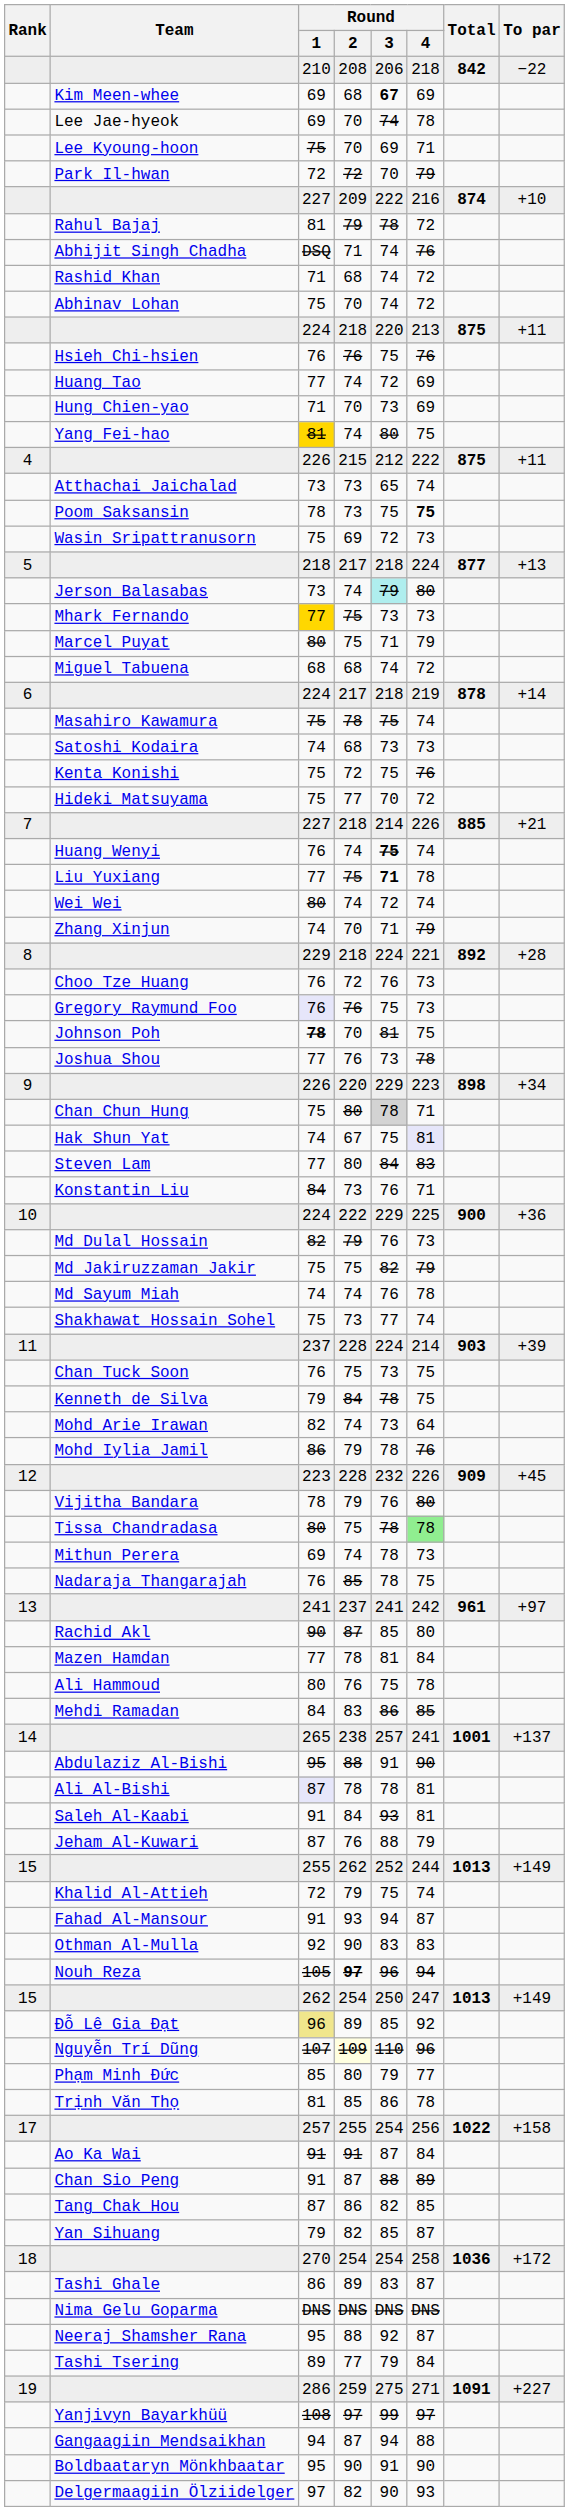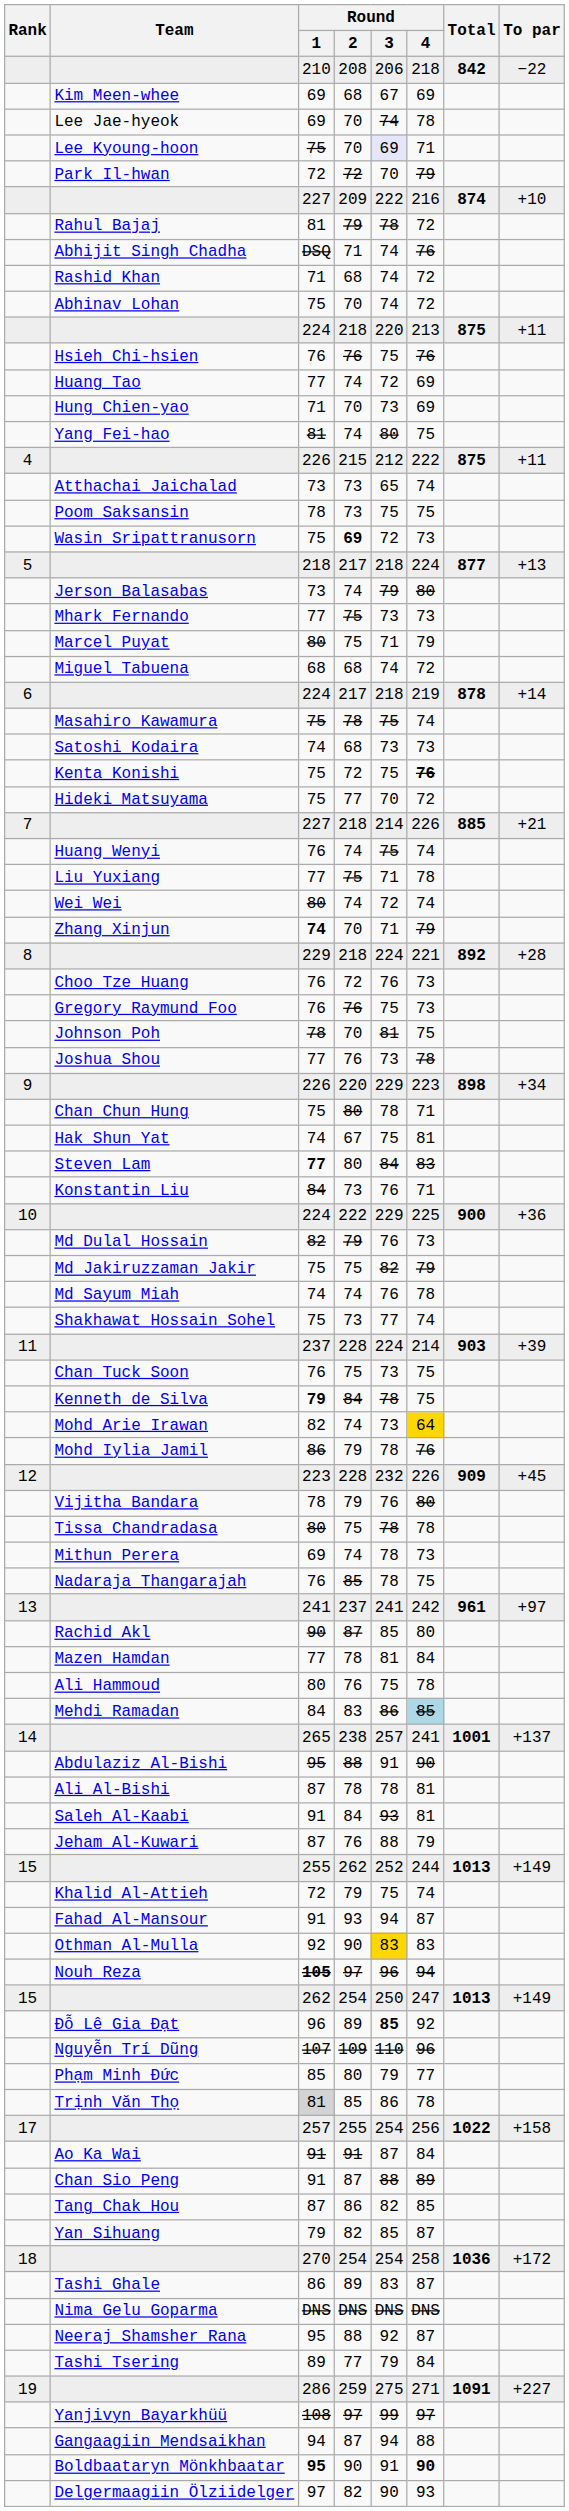 <table class=wikitable style="text-align:center">
 <tr>
 <th rowspan="2">Rank</th>
 <th rowspan="2">Team</th>
 <th colspan="4">Round</th>
 <th rowspan="2">Total</th>
 <th rowspan="2">To par</th>
 </tr>
 <tr>
 <th>1</th>
 <th>2</th>
 <th>3</th>
 <th>4</th>
 </tr>
 <tr style="background:#eeeeee;">
 <td></td>
 <td align=left></td>
 <td>210</td>
 <td>208</td>
 <td>206</td>
 <td>218</td>
 <td><strong>842</strong></td>
 <td>−22</td>
 </tr>
 <tr>
 <td></td>
 <td align=left><a href='#'>Kim Meen-whee</a></td>
 <td>69</td>
 <td>68</td>
-<td><strong>67</strong></td>
+<td>67</td>
 <td>69</td>
 <td></td>
 <td></td>
 </tr>
 <tr>
 <td></td>
 <td align=left>Lee Jae-hyeok</td>
 <td>69</td>
 <td>70</td>
 <td><s>74</s></td>
 <td>78</td>
 <td></td>
 <td></td>
 </tr>
 <tr>
 <td></td>
 <td align=left><a href='#'>Lee Kyoung-hoon</a></td>
 <td><s>75</s></td>
 <td>70</td>
-<td>69</td>
+<td style="background: lavender;">69</td>
 <td>71</td>
 <td></td>
 <td></td>
 </tr>
 <tr>
 <td></td>
 <td align=left><a href='#'>Park Il-hwan</a></td>
 <td>72</td>
 <td><s>72</s></td>
 <td>70</td>
 <td><s>79</s></td>
 <td></td>
 <td></td>
 </tr>
 <tr style="background:#eeeeee;">
 <td></td>
 <td align=left></td>
 <td>227</td>
 <td>209</td>
 <td>222</td>
 <td>216</td>
 <td><strong>874</strong></td>
 <td>+10</td>
 </tr>
 <tr>
 <td></td>
 <td align=left><a href='#'>Rahul Bajaj</a></td>
 <td>81</td>
 <td><s>79</s></td>
 <td><s>78</s></td>
 <td>72</td>
 <td></td>
 <td></td>
 </tr>
 <tr>
 <td></td>
 <td align=left><a href='#'>Abhijit Singh Chadha</a></td>
 <td><s>DSQ</s></td>
 <td>71</td>
 <td>74</td>
 <td><s>76</s></td>
 <td></td>
 <td></td>
 </tr>
 <tr>
 <td></td>
 <td align=left><a href='#'>Rashid Khan</a></td>
 <td>71</td>
 <td>68</td>
 <td>74</td>
 <td>72</td>
 <td></td>
 <td></td>
 </tr>
 <tr>
 <td></td>
 <td align=left><a href='#'>Abhinav Lohan</a></td>
 <td>75</td>
 <td>70</td>
 <td>74</td>
 <td>72</td>
 <td></td>
 <td></td>
 </tr>
 <tr style="background:#eeeeee;">
 <td></td>
 <td align=left></td>
 <td>224</td>
 <td>218</td>
 <td>220</td>
 <td>213</td>
 <td><strong>875</strong></td>
 <td>+11</td>
 </tr>
 <tr>
 <td></td>
 <td align=left><a href='#'>Hsieh Chi-hsien</a></td>
 <td>76</td>
 <td><s>76</s></td>
 <td>75</td>
 <td><s>76</s></td>
 <td></td>
 <td></td>
 </tr>
 <tr>
 <td></td>
 <td align=left><a href='#'>Huang Tao</a></td>
 <td>77</td>
 <td>74</td>
 <td>72</td>
 <td>69</td>
 <td></td>
 <td></td>
 </tr>
 <tr>
 <td></td>
 <td align=left><a href='#'>Hung Chien-yao</a></td>
 <td>71</td>
 <td>70</td>
 <td>73</td>
 <td>69</td>
 <td></td>
 <td></td>
 </tr>
 <tr>
 <td></td>
 <td align=left><a href='#'>Yang Fei-hao</a></td>
-<td style="background: gold;"><s>81</s></td>
+<td><s>81</s></td>
 <td>74</td>
 <td><s>80</s></td>
 <td>75</td>
 <td></td>
 <td></td>
 </tr>
 <tr style="background:#eeeeee;">
 <td>4</td>
 <td align=left></td>
 <td>226</td>
 <td>215</td>
 <td>212</td>
 <td>222</td>
 <td><strong>875</strong></td>
 <td>+11</td>
 </tr>
 <tr>
 <td></td>
 <td align=left><a href='#'>Atthachai Jaichalad</a></td>
 <td>73</td>
 <td>73</td>
 <td>65</td>
 <td>74</td>
 <td></td>
 <td></td>
 </tr>
 <tr>
 <td></td>
 <td align=left><a href='#'>Poom Saksansin</a></td>
 <td>78</td>
 <td>73</td>
 <td>75</td>
-<td><strong>75</strong></td>
+<td>75</td>
 <td></td>
 <td></td>
 </tr>
 <tr>
 <td></td>
 <td align=left><a href='#'>Wasin Sripattranusorn</a></td>
 <td>75</td>
-<td>69</td>
+<td><strong>69</strong></td>
 <td>72</td>
 <td>73</td>
 <td></td>
 <td></td>
 </tr>
 <tr style="background:#eeeeee;">
 <td>5</td>
 <td align=left></td>
 <td>218</td>
 <td>217</td>
 <td>218</td>
 <td>224</td>
 <td><strong>877</strong></td>
 <td>+13</td>
 </tr>
 <tr>
 <td></td>
 <td align=left><a href='#'>Jerson Balasabas</a></td>
 <td>73</td>
 <td>74</td>
-<td style="background: paleturquoise;"><s>79</s></td>
+<td><s>79</s></td>
 <td><s>80</s></td>
 <td></td>
 <td></td>
 </tr>
 <tr>
 <td></td>
 <td align=left><a href='#'>Mhark Fernando</a></td>
-<td style="background: gold;">77</td>
+<td>77</td>
 <td><s>75</s></td>
 <td>73</td>
 <td>73</td>
 <td></td>
 <td></td>
 </tr>
 <tr>
 <td></td>
 <td align=left><a href='#'>Marcel Puyat</a></td>
 <td><s>80</s></td>
 <td>75</td>
 <td>71</td>
 <td>79</td>
 <td></td>
 <td></td>
 </tr>
 <tr>
 <td></td>
 <td align=left><a href='#'>Miguel Tabuena</a></td>
 <td>68</td>
 <td>68</td>
 <td>74</td>
 <td>72</td>
 <td></td>
 <td></td>
 </tr>
 <tr style="background:#eeeeee;">
 <td>6</td>
 <td align=left></td>
 <td>224</td>
 <td>217</td>
 <td>218</td>
 <td>219</td>
 <td><strong>878</strong></td>
 <td>+14</td>
 </tr>
 <tr>
 <td></td>
 <td align=left><a href='#'>Masahiro Kawamura</a></td>
 <td><s>75</s></td>
 <td><s>78</s></td>
 <td><s>75</s></td>
 <td>74</td>
 <td></td>
 <td></td>
 </tr>
 <tr>
 <td></td>
 <td align=left><a href='#'>Satoshi Kodaira</a></td>
 <td>74</td>
 <td>68</td>
 <td>73</td>
 <td>73</td>
 <td></td>
 <td></td>
 </tr>
 <tr>
 <td></td>
 <td align=left><a href='#'>Kenta Konishi</a></td>
 <td>75</td>
 <td>72</td>
 <td>75</td>
-<td><s>76</s></td>
+<td><strong><s>76</s></strong></td>
 <td></td>
 <td></td>
 </tr>
 <tr>
 <td></td>
 <td align=left><a href='#'>Hideki Matsuyama</a></td>
 <td>75</td>
 <td>77</td>
 <td>70</td>
 <td>72</td>
 <td></td>
 <td></td>
 </tr>
 <tr style="background:#eeeeee;">
 <td>7</td>
 <td align=left></td>
 <td>227</td>
 <td>218</td>
 <td>214</td>
 <td>226</td>
 <td><strong>885</strong></td>
 <td>+21</td>
 </tr>
 <tr>
 <td></td>
 <td align=left><a href='#'>Huang Wenyi</a></td>
 <td>76</td>
 <td>74</td>
-<td><strong><s>75</s></strong></td>
+<td><s>75</s></td>
 <td>74</td>
 <td></td>
 <td></td>
 </tr>
 <tr>
 <td></td>
 <td align=left><a href='#'>Liu Yuxiang</a></td>
 <td>77</td>
 <td><s>75</s></td>
-<td><strong>71</strong></td>
+<td>71</td>
 <td>78</td>
 <td></td>
 <td></td>
 </tr>
 <tr>
 <td></td>
 <td align=left><a href='#'>Wei Wei</a></td>
 <td><s>80</s></td>
 <td>74</td>
 <td>72</td>
 <td>74</td>
 <td></td>
 <td></td>
 </tr>
 <tr>
 <td></td>
 <td align=left><a href='#'>Zhang Xinjun</a></td>
-<td>74</td>
+<td><strong>74</strong></td>
 <td>70</td>
 <td>71</td>
 <td><s>79</s></td>
 <td></td>
 <td></td>
 </tr>
 <tr style="background:#eeeeee;">
 <td>8</td>
 <td align=left></td>
 <td>229</td>
 <td>218</td>
 <td>224</td>
 <td>221</td>
 <td><strong>892</strong></td>
 <td>+28</td>
 </tr>
 <tr>
 <td></td>
 <td align=left><a href='#'>Choo Tze Huang</a></td>
 <td>76</td>
 <td>72</td>
 <td>76</td>
 <td>73</td>
 <td></td>
 <td></td>
 </tr>
 <tr>
 <td></td>
 <td align=left><a href='#'>Gregory Raymund Foo</a></td>
-<td style="background: lavender;">76</td>
+<td>76</td>
 <td><s>76</s></td>
 <td>75</td>
 <td>73</td>
 <td></td>
 <td></td>
 </tr>
 <tr>
 <td></td>
 <td align=left><a href='#'>Johnson Poh</a></td>
-<td><strong><s>78</s></strong></td>
+<td><s>78</s></td>
 <td>70</td>
 <td><s>81</s></td>
 <td>75</td>
 <td></td>
 <td></td>
 </tr>
 <tr>
 <td></td>
 <td align=left><a href='#'>Joshua Shou</a></td>
 <td>77</td>
 <td>76</td>
 <td>73</td>
 <td><s>78</s></td>
 <td></td>
 <td></td>
 </tr>
 <tr style="background:#eeeeee;">
 <td>9</td>
 <td align=left></td>
 <td>226</td>
 <td>220</td>
 <td>229</td>
 <td>223</td>
 <td><strong>898</strong></td>
 <td>+34</td>
 </tr>
 <tr>
 <td></td>
 <td align=left><a href='#'>Chan Chun Hung</a></td>
 <td>75</td>
 <td><s>80</s></td>
-<td style="background: lightgrey;">78</td>
+<td>78</td>
 <td>71</td>
 <td></td>
 <td></td>
 </tr>
 <tr>
 <td></td>
 <td align=left><a href='#'>Hak Shun Yat</a></td>
 <td>74</td>
 <td>67</td>
 <td>75</td>
-<td style="background: lavender;">81</td>
+<td>81</td>
 <td></td>
 <td></td>
 </tr>
 <tr>
 <td></td>
 <td align=left><a href='#'>Steven Lam</a></td>
-<td>77</td>
+<td><strong>77</strong></td>
 <td>80</td>
 <td><s>84</s></td>
 <td><s>83</s></td>
 <td></td>
 <td></td>
 </tr>
 <tr>
 <td></td>
 <td align=left><a href='#'>Konstantin Liu</a></td>
 <td><s>84</s></td>
 <td>73</td>
 <td>76</td>
 <td>71</td>
 <td></td>
 <td></td>
 </tr>
 <tr style="background:#eeeeee;">
 <td>10</td>
 <td align=left></td>
 <td>224</td>
 <td>222</td>
 <td>229</td>
 <td>225</td>
 <td><strong>900</strong></td>
 <td>+36</td>
 </tr>
 <tr>
 <td></td>
 <td align=left><a href='#'>Md Dulal Hossain</a></td>
 <td><s>82</s></td>
 <td><s>79</s></td>
 <td>76</td>
 <td>73</td>
 <td></td>
 <td></td>
 </tr>
 <tr>
 <td></td>
 <td align=left><a href='#'>Md Jakiruzzaman Jakir</a></td>
 <td>75</td>
 <td>75</td>
 <td><s>82</s></td>
 <td><s>79</s></td>
 <td></td>
 <td></td>
 </tr>
 <tr>
 <td></td>
 <td align=left><a href='#'>Md Sayum Miah</a></td>
 <td>74</td>
 <td>74</td>
 <td>76</td>
 <td>78</td>
 <td></td>
 <td></td>
 </tr>
 <tr>
 <td></td>
 <td align=left><a href='#'>Shakhawat Hossain Sohel</a></td>
 <td>75</td>
 <td>73</td>
 <td>77</td>
 <td>74</td>
 <td></td>
 <td></td>
 </tr>
 <tr style="background:#eeeeee;">
 <td>11</td>
 <td align=left></td>
 <td>237</td>
 <td>228</td>
 <td>224</td>
 <td>214</td>
 <td><strong>903</strong></td>
 <td>+39</td>
 </tr>
 <tr>
 <td></td>
 <td align=left><a href='#'>Chan Tuck Soon</a></td>
 <td>76</td>
 <td>75</td>
 <td>73</td>
 <td>75</td>
 <td></td>
 <td></td>
 </tr>
 <tr>
 <td></td>
 <td align=left><a href='#'>Kenneth de Silva</a></td>
-<td>79</td>
+<td><strong>79</strong></td>
 <td><s>84</s></td>
 <td><s>78</s></td>
 <td>75</td>
 <td></td>
 <td></td>
 </tr>
 <tr>
 <td></td>
 <td align=left><a href='#'>Mohd Arie Irawan</a></td>
 <td>82</td>
 <td>74</td>
 <td>73</td>
-<td>64</td>
+<td style="background: gold;">64</td>
 <td></td>
 <td></td>
 </tr>
 <tr>
 <td></td>
 <td align=left><a href='#'>Mohd Iylia Jamil</a></td>
 <td><s>86</s></td>
 <td>79</td>
 <td>78</td>
 <td><s>76</s></td>
 <td></td>
 <td></td>
 </tr>
 <tr style="background:#eeeeee;">
 <td>12</td>
 <td align=left></td>
 <td>223</td>
 <td>228</td>
 <td>232</td>
 <td>226</td>
 <td><strong>909</strong></td>
 <td>+45</td>
 </tr>
 <tr>
 <td></td>
 <td align=left><a href='#'>Vijitha Bandara</a></td>
 <td>78</td>
 <td>79</td>
 <td>76</td>
 <td><s>80</s></td>
 <td></td>
 <td></td>
 </tr>
 <tr>
 <td></td>
 <td align=left><a href='#'>Tissa Chandradasa</a></td>
 <td><s>80</s></td>
 <td>75</td>
 <td><s>78</s></td>
-<td style="background: lightgreen;">78</td>
+<td>78</td>
 <td></td>
 <td></td>
 </tr>
 <tr>
 <td></td>
 <td align=left><a href='#'>Mithun Perera</a></td>
 <td>69</td>
 <td>74</td>
 <td>78</td>
 <td>73</td>
 <td></td>
 <td></td>
 </tr>
 <tr>
 <td></td>
 <td align=left><a href='#'>Nadaraja Thangarajah</a></td>
 <td>76</td>
 <td><s>85</s></td>
 <td>78</td>
 <td>75</td>
 <td></td>
 <td></td>
 </tr>
 <tr style="background:#eeeeee;">
 <td>13</td>
 <td align=left></td>
 <td>241</td>
 <td>237</td>
 <td>241</td>
 <td>242</td>
 <td><strong>961</strong></td>
 <td>+97</td>
 </tr>
 <tr>
 <td></td>
 <td align=left><a href='#'>Rachid Akl</a></td>
 <td><s>90</s></td>
 <td><s>87</s></td>
 <td>85</td>
 <td>80</td>
 <td></td>
 <td></td>
 </tr>
 <tr>
 <td></td>
 <td align=left><a href='#'>Mazen Hamdan</a></td>
 <td>77</td>
 <td>78</td>
 <td>81</td>
 <td>84</td>
 <td></td>
 <td></td>
 </tr>
 <tr>
 <td></td>
 <td align=left><a href='#'>Ali Hammoud</a></td>
 <td>80</td>
 <td>76</td>
 <td>75</td>
 <td>78</td>
 <td></td>
 <td></td>
 </tr>
 <tr>
 <td></td>
 <td align=left><a href='#'>Mehdi Ramadan</a></td>
 <td>84</td>
 <td>83</td>
 <td><s>86</s></td>
-<td><s>85</s></td>
+<td style="background: lightblue;"><s>85</s></td>
 <td></td>
 <td></td>
 </tr>
 <tr style="background:#eeeeee;">
 <td>14</td>
 <td align=left></td>
 <td>265</td>
 <td>238</td>
 <td>257</td>
 <td>241</td>
 <td><strong>1001</strong></td>
 <td>+137</td>
 </tr>
 <tr>
 <td></td>
 <td align=left><a href='#'>Abdulaziz Al-Bishi</a></td>
 <td><s>95</s></td>
 <td><s>88</s></td>
 <td>91</td>
 <td><s>90</s></td>
 <td></td>
 <td></td>
 </tr>
 <tr>
 <td></td>
 <td align=left><a href='#'>Ali Al-Bishi</a></td>
-<td style="background: lavender;">87</td>
+<td>87</td>
 <td>78</td>
 <td>78</td>
 <td>81</td>
 <td></td>
 <td></td>
 </tr>
 <tr>
 <td></td>
 <td align=left><a href='#'>Saleh Al-Kaabi</a></td>
 <td>91</td>
 <td>84</td>
 <td><s>93</s></td>
 <td>81</td>
 <td></td>
 <td></td>
 </tr>
 <tr>
 <td></td>
 <td align=left><a href='#'>Jeham Al-Kuwari</a></td>
 <td>87</td>
 <td>76</td>
 <td>88</td>
 <td>79</td>
 <td></td>
 <td></td>
 </tr>
 <tr style="background:#eeeeee;">
 <td>15</td>
 <td align=left></td>
 <td>255</td>
 <td>262</td>
 <td>252</td>
 <td>244</td>
 <td><strong>1013</strong></td>
 <td>+149</td>
 </tr>
 <tr>
 <td></td>
 <td align=left><a href='#'>Khalid Al-Attieh</a></td>
 <td>72</td>
 <td>79</td>
 <td>75</td>
 <td>74</td>
 <td></td>
 <td></td>
 </tr>
 <tr>
 <td></td>
 <td align=left><a href='#'>Fahad Al-Mansour</a></td>
 <td>91</td>
 <td>93</td>
 <td>94</td>
 <td>87</td>
 <td></td>
 <td></td>
 </tr>
 <tr>
 <td></td>
 <td align=left><a href='#'>Othman Al-Mulla</a></td>
 <td>92</td>
 <td>90</td>
-<td>83</td>
+<td style="background: gold;">83</td>
 <td>83</td>
 <td></td>
 <td></td>
 </tr>
 <tr>
 <td></td>
 <td align=left><a href='#'>Nouh Reza</a></td>
-<td><s>105</s></td>
-<td><strong><s>97</s></strong></td>
+<td><strong><s>105</s></strong></td>
+<td><s>97</s></td>
 <td><s>96</s></td>
 <td><s>94</s></td>
 <td></td>
 <td></td>
 </tr>
 <tr style="background:#eeeeee;">
 <td>15</td>
 <td align=left></td>
 <td>262</td>
 <td>254</td>
 <td>250</td>
 <td>247</td>
 <td><strong>1013</strong></td>
 <td>+149</td>
 </tr>
 <tr>
 <td></td>
 <td align=left><a href='#'>Đỗ Lê Gia Đạt</a></td>
-<td style="background: khaki;">96</td>
+<td>96</td>
 <td>89</td>
-<td>85</td>
+<td><strong>85</strong></td>
 <td>92</td>
 <td></td>
 <td></td>
 </tr>
 <tr>
 <td></td>
 <td align=left><a href='#'>Nguyễn Trí Dũng</a></td>
 <td><s>107</s></td>
-<td style="background: lightyellow;"><s>109</s></td>
+<td><s>109</s></td>
 <td><s>110</s></td>
 <td><s>96</s></td>
 <td></td>
 <td></td>
 </tr>
 <tr>
 <td></td>
 <td align=left><a href='#'>Phạm Minh Đức</a></td>
 <td>85</td>
 <td>80</td>
 <td>79</td>
 <td>77</td>
 <td></td>
 <td></td>
 </tr>
 <tr>
 <td></td>
 <td align=left><a href='#'>Trịnh Văn Thọ</a></td>
-<td>81</td>
+<td style="background: lightgrey;">81</td>
 <td>85</td>
 <td>86</td>
 <td>78</td>
 <td></td>
 <td></td>
 </tr>
 <tr style="background:#eeeeee;">
 <td>17</td>
 <td align=left></td>
 <td>257</td>
 <td>255</td>
 <td>254</td>
 <td>256</td>
 <td><strong>1022</strong></td>
 <td>+158</td>
 </tr>
 <tr>
 <td></td>
 <td align=left><a href='#'>Ao Ka Wai</a></td>
 <td><s>91</s></td>
 <td><s>91</s></td>
 <td>87</td>
 <td>84</td>
 <td></td>
 <td></td>
 </tr>
 <tr>
 <td></td>
 <td align=left><a href='#'>Chan Sio Peng</a></td>
 <td>91</td>
 <td>87</td>
 <td><s>88</s></td>
 <td><s>89</s></td>
 <td></td>
 <td></td>
 </tr>
 <tr>
 <td></td>
 <td align=left><a href='#'>Tang Chak Hou</a></td>
 <td>87</td>
 <td>86</td>
 <td>82</td>
 <td>85</td>
 <td></td>
 <td></td>
 </tr>
 <tr>
 <td></td>
 <td align=left><a href='#'>Yan Sihuang</a></td>
 <td>79</td>
 <td>82</td>
 <td>85</td>
 <td>87</td>
 <td></td>
 <td></td>
 </tr>
 <tr style="background:#eeeeee;">
 <td>18</td>
 <td align=left></td>
 <td>270</td>
 <td>254</td>
 <td>254</td>
 <td>258</td>
 <td><strong>1036</strong></td>
 <td>+172</td>
 </tr>
 <tr>
 <td></td>
 <td align=left><a href='#'>Tashi Ghale</a></td>
 <td>86</td>
 <td>89</td>
 <td>83</td>
 <td>87</td>
 <td></td>
 <td></td>
 </tr>
 <tr>
 <td></td>
 <td align=left><a href='#'>Nima Gelu Goparma</a></td>
 <td><s>DNS</s></td>
 <td><s>DNS</s></td>
 <td><s>DNS</s></td>
 <td><s>DNS</s></td>
 <td></td>
 <td></td>
 </tr>
 <tr>
 <td></td>
 <td align=left><a href='#'>Neeraj Shamsher Rana</a></td>
 <td>95</td>
 <td>88</td>
 <td>92</td>
 <td>87</td>
 <td></td>
 <td></td>
 </tr>
 <tr>
 <td></td>
 <td align=left><a href='#'>Tashi Tsering</a></td>
 <td>89</td>
 <td>77</td>
 <td>79</td>
 <td>84</td>
 <td></td>
 <td></td>
 </tr>
 <tr style="background:#eeeeee;">
 <td>19</td>
 <td align=left></td>
 <td>286</td>
 <td>259</td>
 <td>275</td>
 <td>271</td>
 <td><strong>1091</strong></td>
 <td>+227</td>
 </tr>
 <tr>
 <td></td>
 <td align=left><a href='#'>Yanjivyn Bayarkhüü</a></td>
 <td><s>108</s></td>
 <td><s>97</s></td>
 <td><s>99</s></td>
 <td><s>97</s></td>
 <td></td>
 <td></td>
 </tr>
 <tr>
 <td></td>
 <td align=left><a href='#'>Gangaagiin Mendsaikhan</a></td>
 <td>94</td>
 <td>87</td>
 <td>94</td>
 <td>88</td>
 <td></td>
 <td></td>
 </tr>
 <tr>
 <td></td>
 <td align=left><a href='#'>Boldbaataryn Mönkhbaatar</a></td>
-<td>95</td>
+<td><strong>95</strong></td>
 <td>90</td>
 <td>91</td>
-<td>90</td>
+<td><strong>90</strong></td>
 <td></td>
 <td></td>
 </tr>
 <tr>
 <td></td>
 <td align=left><a href='#'>Delgermaagiin Ölziidelger</a></td>
 <td>97</td>
 <td>82</td>
 <td>90</td>
 <td>93</td>
 <td></td>
 <td></td>
 </tr>
 </table>
